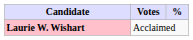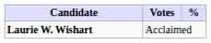 <table class="wikitable">
 <tr>
 <th style="background:#ddf; width:200px;">Candidate</th>
 <th style="background:#ddf; width:50px;">Votes</th>
 <th style="background:#ddf; width:30px;">%</th>
 </tr>
 <tr>
-<td style="background: pink;"><strong>Laurie W. Wishart</strong></td>
+<td><strong>Laurie W. Wishart</strong></td>
 <td colspan="2">Acclaimed</td>
 </tr>
 </table>
